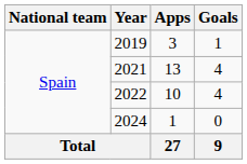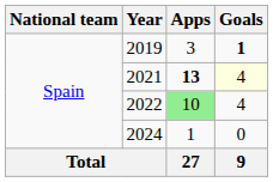 <table class="wikitable" style="text-align: center;">
 <tr>
 <th>National team</th>
 <th>Year</th>
 <th>Apps</th>
 <th>Goals</th>
 </tr>
 <tr>
 <td rowspan="4"><a href='#'>Spain</a></td>
 <td>2019</td>
 <td>3</td>
-<td>1</td>
+<td><strong>1</strong></td>
 </tr>
 <tr>
 <td>2021</td>
-<td>13</td>
-<td>4</td>
+<td><strong>13</strong></td>
+<td style="background: lightyellow;">4</td>
 </tr>
 <tr>
 <td>2022</td>
-<td>10</td>
+<td style="background: lightgreen;">10</td>
 <td>4</td>
 </tr>
 <tr>
 <td>2024</td>
 <td>1</td>
 <td>0</td>
 </tr>
 <tr>
 <th colspan="2">Total</th>
 <th>27</th>
 <th>9</th>
 </tr>
 </table>
